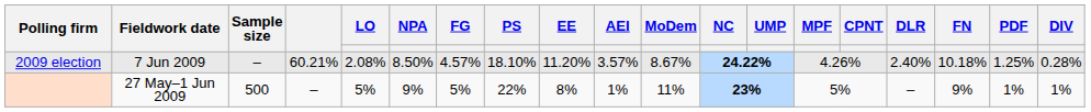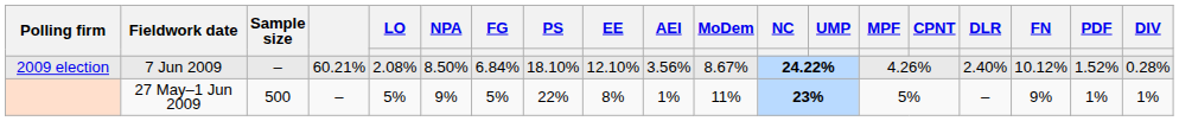 <table class="wikitable sortable" style="text-align:center;font-size:90%;line-height:14px;">
 <tr style="height:40px;">
 <th style="width:100px;" rowspan="2">Polling firm</th>
 <th style="width:110px;" rowspan="2">Fieldwork date</th>
 <th style="width:35px;" rowspan="2">Sample<br>size</th>
 <th style="width:30px;" rowspan="2"></th>
 <th class="unsortable" style="width:40px;"><a href='#'>LO</a></th>
 <th class="unsortable" style="width:40px;"><a href='#'>NPA</a></th>
 <th class="unsortable" style="width:40px;"><a href='#'>FG</a></th>
 <th class="unsortable" style="width:40px;"><a href='#'>PS</a></th>
 <th class="unsortable" style="width:40px;"><a href='#'>EE</a></th>
 <th class="unsortable" style="width:40px;"><a href='#'>AEI</a></th>
 <th class="unsortable" style="width:40px;"><a href='#'>MoDem</a></th>
 <th class="unsortable" style="width:40px;"><a href='#'>NC</a></th>
 <th class="unsortable" style="width:40px;"><a href='#'>UMP</a></th>
 <th class="unsortable" style="width:40px;"><a href='#'>MPF</a></th>
 <th class="unsortable" style="width:40px;"><a href='#'>CPNT</a></th>
 <th class="unsortable" style="width:40px;"><a href='#'>DLR</a></th>
 <th class="unsortable" style="width:40px;"><a href='#'>FN</a></th>
 <th class="unsortable" style="width:40px;"><a href='#'>PDF</a></th>
 <th class="unsortable" style="width:40px;"><a href='#'>DIV</a></th>
 </tr>
 <tr>
 <th style="background:"></th>
 <th style="background:"></th>
 <th style="background:"></th>
 <th style="background:"></th>
 <th style="background:"></th>
 <th style="background:"></th>
 <th style="background:"></th>
 <th style="background:"></th>
 <th style="background:"></th>
 <th style="background:"></th>
 <th style="background:"></th>
 <th style="background:"></th>
 <th style="background:"></th>
 <th style="background:"></th>
 <th style="background:"></th>
 </tr>
 <tr style="background:#E9E9E9;">
 <td><a href='#'>2009 election</a></td>
 <td data-sort-value="2009-06-07">7 Jun 2009</td>
 <td>–</td>
 <td>60.21%</td>
 <td>2.08%</td>
 <td>8.50%</td>
-<td>4.57%</td>
+<td>6.84%</td>
 <td>18.10%</td>
-<td>11.20%</td>
-<td>3.57%</td>
+<td>12.10%</td>
+<td>3.56%</td>
 <td>8.67%</td>
 <td style="background:#B9DAFF;" colspan="2"><strong>24.22%</strong></td>
 <td colspan="2">4.26%</td>
 <td>2.40%</td>
-<td>10.18%</td>
-<td>1.25%</td>
+<td>10.12%</td>
+<td>1.52%</td>
 <td>0.28%</td>
 </tr>
 <tr>
 <td style="background:#FFDFCC;"></td>
 <td data-sort-value="2009-06-01">27 May–1 Jun 2009</td>
 <td>500</td>
 <td>–</td>
 <td>5%</td>
 <td>9%</td>
 <td>5%</td>
 <td>22%</td>
 <td>8%</td>
 <td>1%</td>
 <td>11%</td>
 <td style="background:#B9DAFF;" colspan="2"><strong>23%</strong></td>
 <td colspan="2">5%</td>
 <td>–</td>
 <td>9%</td>
 <td>1%</td>
 <td>1%</td>
 </tr>
 </table>
